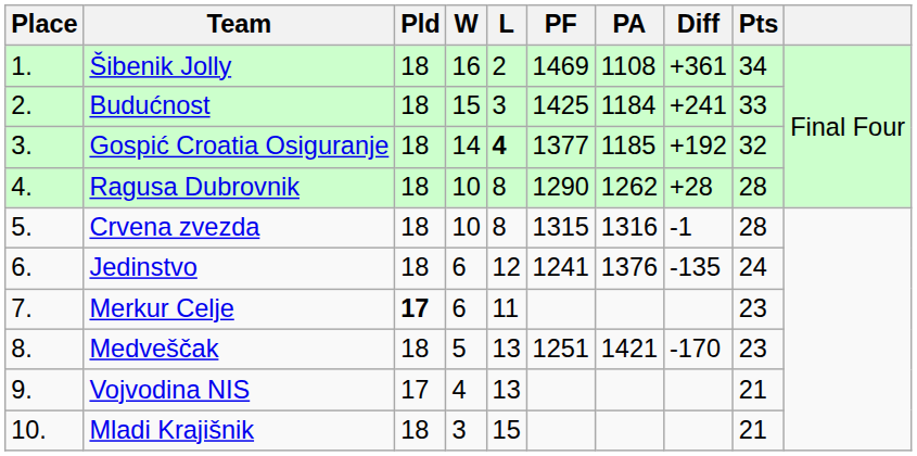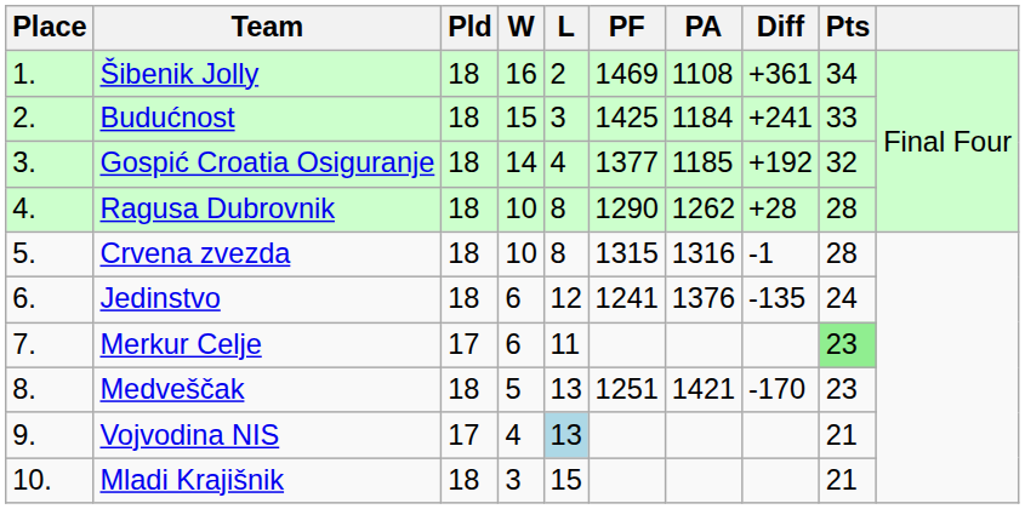 <table class="wikitable">
 <tr>
 <th>Place</th>
 <th>Team</th>
 <th>Pld</th>
 <th>W</th>
 <th>L</th>
 <th>PF</th>
 <th>PA</th>
 <th>Diff</th>
 <th>Pts</th>
 <th></th>
 </tr>
 <tr bgcolor=#ccffcc>
 <td>1.</td>
 <td> <a href='#'>Šibenik Jolly</a></td>
 <td>18</td>
 <td>16</td>
 <td>2</td>
 <td>1469</td>
 <td>1108</td>
 <td>+361</td>
 <td>34</td>
 <td rowspan="4">Final Four</td>
 </tr>
 <tr bgcolor=#ccffcc>
 <td>2.</td>
 <td> <a href='#'>Budućnost</a></td>
 <td>18</td>
 <td>15</td>
 <td>3</td>
 <td>1425</td>
 <td>1184</td>
 <td>+241</td>
 <td>33</td>
 </tr>
 <tr bgcolor=#ccffcc>
 <td>3.</td>
 <td> <a href='#'>Gospić Croatia Osiguranje</a></td>
 <td>18</td>
 <td>14</td>
-<td><strong>4</strong></td>
+<td>4</td>
 <td>1377</td>
 <td>1185</td>
 <td>+192</td>
 <td>32</td>
 </tr>
 <tr bgcolor=#ccffcc>
 <td>4.</td>
 <td> <a href='#'>Ragusa Dubrovnik</a></td>
 <td>18</td>
 <td>10</td>
 <td>8</td>
 <td>1290</td>
 <td>1262</td>
 <td>+28</td>
 <td>28</td>
 </tr>
 <tr>
 <td>5.</td>
 <td> <a href='#'>Crvena zvezda</a></td>
 <td>18</td>
 <td>10</td>
 <td>8</td>
 <td>1315</td>
 <td>1316</td>
 <td>-1</td>
 <td>28</td>
 <td rowspan="6"></td>
 </tr>
 <tr>
 <td>6.</td>
 <td> <a href='#'>Jedinstvo</a></td>
 <td>18</td>
 <td>6</td>
 <td>12</td>
 <td>1241</td>
 <td>1376</td>
 <td>-135</td>
 <td>24</td>
 </tr>
 <tr>
 <td>7.</td>
 <td> <a href='#'>Merkur Celje</a></td>
-<td><strong>17</strong></td>
+<td>17</td>
 <td>6</td>
 <td>11</td>
 <td></td>
 <td></td>
 <td></td>
-<td>23</td>
+<td style="background: lightgreen;">23</td>
 </tr>
 <tr>
 <td>8.</td>
 <td> <a href='#'>Medveščak</a></td>
 <td>18</td>
 <td>5</td>
 <td>13</td>
 <td>1251</td>
 <td>1421</td>
 <td>-170</td>
 <td>23</td>
 </tr>
 <tr>
 <td>9.</td>
 <td> <a href='#'>Vojvodina NIS</a></td>
 <td>17</td>
 <td>4</td>
-<td>13</td>
+<td style="background: lightblue;">13</td>
 <td></td>
 <td></td>
 <td></td>
 <td>21</td>
 </tr>
 <tr>
 <td>10.</td>
 <td> <a href='#'>Mladi Krajišnik</a></td>
 <td>18</td>
 <td>3</td>
 <td>15</td>
 <td></td>
 <td></td>
 <td></td>
 <td>21</td>
 </tr>
 </table>
